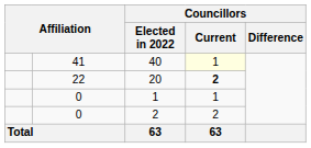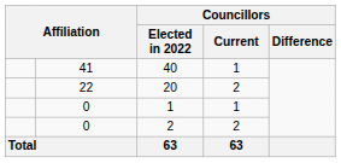 <table class="wikitable" style="text-align:center;">
 <tr>
 <th colspan="2" rowspan="2" class=unsortable style="width:40%; vertical-align:middle;">Affiliation</th>
 <th colspan="3"                              style="vertical-align:top;">Councillors</th>
 </tr>
 <tr>
 <th data-sort-type=number style="width:20%;">Elected <br>in 2022</th>
 <th style="width:20%;">Current</th>
 <th style="width:20%;">Differ­ence</th>
 </tr>
 <tr>
 <td></td>
 <td>41</td>
 <td>40</td>
-<td style="background: lightyellow;"> 1</td>
+<td> 1</td>
 </tr>
 <tr>
 <td></td>
 <td>22</td>
 <td>20</td>
-<td><strong> 2</strong></td>
+<td> 2</td>
 </tr>
 <tr>
 <td></td>
 <td>0</td>
 <td>1</td>
 <td> 1</td>
 </tr>
 <tr>
 <td></td>
 <td>0</td>
 <td>2</td>
 <td> 2</td>
 </tr>
 <tr>
 <th colspan="2" style="text-align:left;">Total</th>
 <th>63</th>
 <th>63</th>
 <th></th>
 </tr>
 </table>
